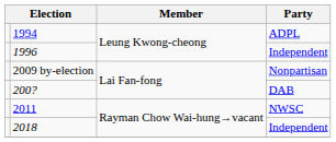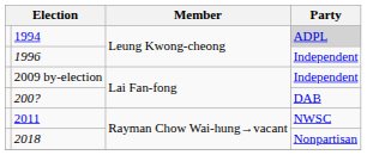 <table class="wikitable">
 <tr>
 <th colspan="2">Election</th>
 <th>Member</th>
 <th>Party</th>
 </tr>
 <tr>
 <td style="background-color: "></td>
 <td><a href='#'>1994</a></td>
 <td rowspan=2>Leung Kwong-cheong</td>
-<td><a href='#'>ADPL</a></td>
+<td style="background: lightgrey;"><a href='#'>ADPL</a></td>
 </tr>
 <tr>
 <td style="background-color: "></td>
 <td><em>1996</em></td>
 <td><a href='#'>Independent</a></td>
 </tr>
 <tr>
 <td style="background-color: "></td>
 <td>2009 by-election</td>
 <td rowspan=2>Lai Fan-fong</td>
-<td><a href='#'>Nonpartisan</a></td>
+<td><a href='#'>Independent</a></td>
 </tr>
 <tr>
 <td style="background-color: "></td>
 <td><em>200?</em></td>
 <td><a href='#'>DAB</a></td>
 </tr>
 <tr>
 <td style="background-color: "></td>
 <td><a href='#'>2011</a></td>
 <td rowspan=2>Rayman Chow Wai-hung→vacant</td>
 <td><a href='#'>NWSC</a></td>
 </tr>
 <tr>
 <td style="background-color: "></td>
 <td><em>2018</em></td>
-<td><a href='#'>Independent</a></td>
+<td><a href='#'>Nonpartisan</a></td>
 </tr>
 <tr>
 </tr>
 </table>
